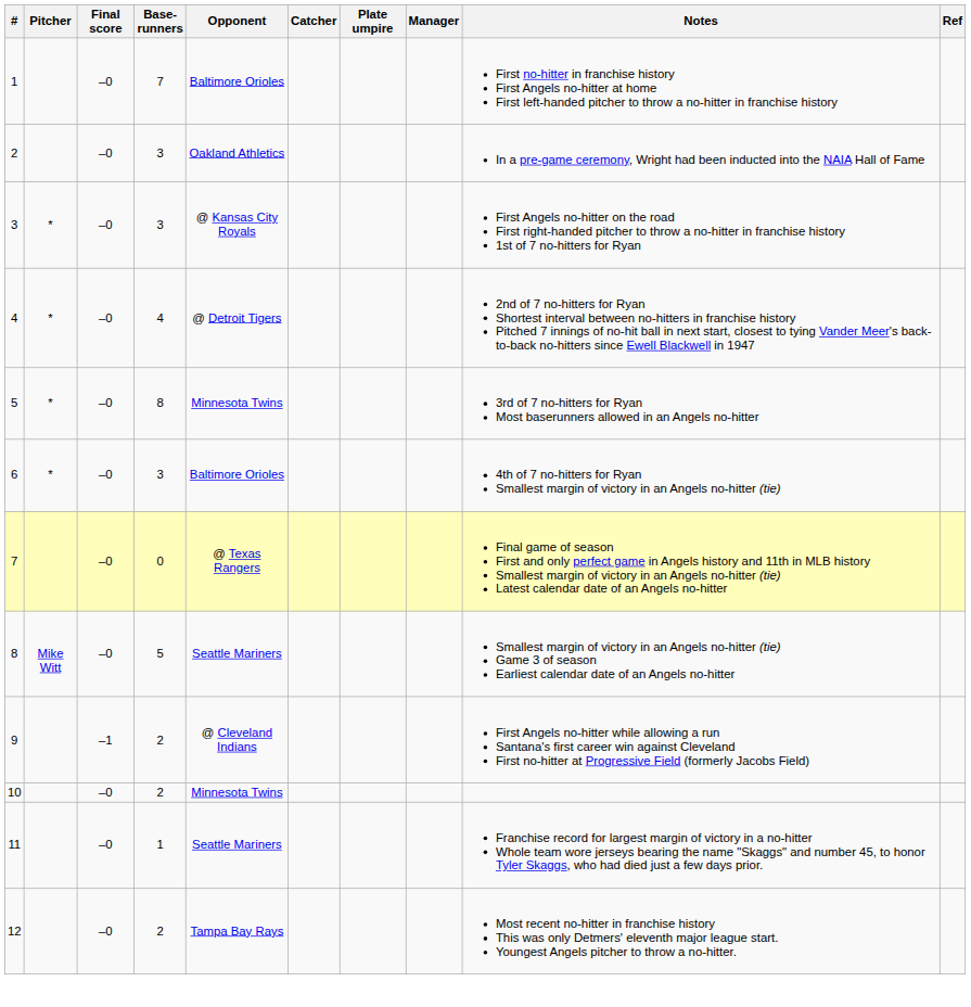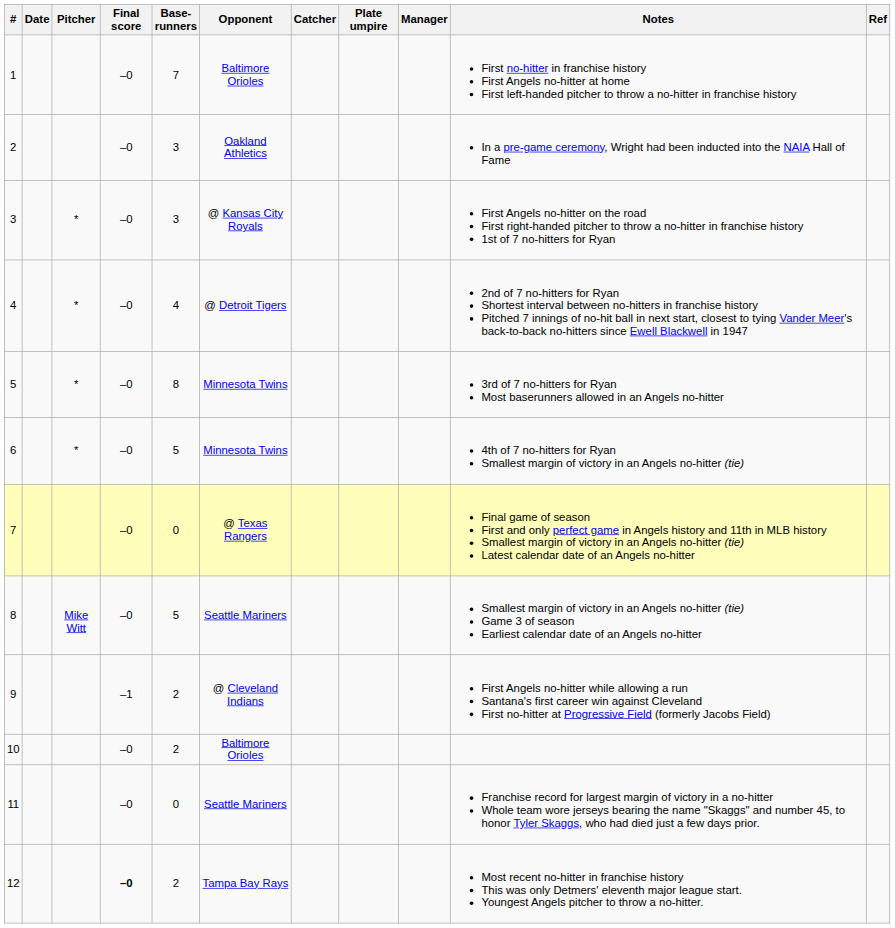 <table class="wikitable sortable" style="text-align:center" border="1">
 <tr>
 <th>#</th>
+<th>Date</th>
 <th>Pitcher</th>
 <th>Final score</th>
 <th>Base-<br>runners</th>
 <th>Opponent</th>
 <th>Catcher</th>
 <th>Plate umpire</th>
 <th>Manager</th>
 <th class="unsortable">Notes</th>
 <th class="unsortable">Ref</th>
 </tr>
 <tr>
 <td>1</td>
 <td></td>
+<td></td>
 <td>–0</td>
 <td>7</td>
 <td><a href='#'>Baltimore Orioles</a></td>
 <td></td>
 <td></td>
 <td></td>
 <td align="left"><br><ul><li>First <a href='#'>no-hitter</a> in franchise history</li><li>First Angels no-hitter at home</li><li>First left-handed pitcher to throw a no-hitter in franchise history</li></ul></td>
 <td></td>
 </tr>
 <tr>
 <td>2</td>
 <td></td>
+<td></td>
 <td>–0</td>
 <td>3</td>
 <td><a href='#'>Oakland Athletics</a></td>
 <td></td>
 <td></td>
 <td></td>
 <td align="left"><br><ul><li>In a <a href='#'>pre-game ceremony</a>, Wright had been inducted into the <a href='#'>NAIA</a> Hall of Fame</li></ul></td>
 <td></td>
 </tr>
 <tr>
 <td>3</td>
+<td></td>
 <td>* </td>
 <td>–0</td>
 <td>3</td>
 <td>@ <a href='#'>Kansas City Royals</a></td>
 <td></td>
 <td></td>
 <td> </td>
 <td align="left"><br><ul><li>First Angels no-hitter on the road</li><li>First right-handed pitcher to throw a no-hitter in franchise history</li><li>1st of 7 no-hitters for Ryan</li></ul></td>
 <td></td>
 </tr>
 <tr>
 <td>4</td>
+<td></td>
 <td>* </td>
 <td>–0</td>
 <td>4</td>
 <td>@ <a href='#'>Detroit Tigers</a></td>
 <td></td>
 <td></td>
 <td> </td>
 <td align="left"><br><ul><li>2nd of 7 no-hitters for Ryan</li><li>Shortest interval between no-hitters in franchise history</li><li>Pitched 7 innings of no-hit ball in next start, closest to tying <a href='#'>Vander Meer</a>'s back-to-back no-hitters since <a href='#'>Ewell Blackwell</a> in 1947</li></ul></td>
 <td></td>
 </tr>
 <tr>
 <td>5</td>
+<td></td>
 <td>* </td>
 <td>–0</td>
 <td>8</td>
 <td><a href='#'>Minnesota Twins</a></td>
 <td></td>
 <td></td>
 <td> </td>
 <td align="left"><br><ul><li>3rd of 7 no-hitters for Ryan</li><li>Most baserunners allowed in an Angels no-hitter</li></ul></td>
 <td></td>
 </tr>
 <tr>
 <td>6</td>
+<td></td>
 <td>* </td>
 <td>–0</td>
-<td>3</td>
-<td><a href='#'>Baltimore Orioles</a></td>
+<td>5</td>
+<td><a href='#'>Minnesota Twins</a></td>
 <td></td>
 <td></td>
 <td> </td>
 <td align="left"><br><ul><li>4th of 7 no-hitters for Ryan</li><li>Smallest margin of victory in an Angels no-hitter <em>(tie)</em></li></ul></td>
 <td></td>
 </tr>
 <tr bgcolor="#ffffbb">
 <td>7</td>
+<td></td>
 <td></td>
 <td>–0</td>
 <td>0</td>
 <td>@ <a href='#'>Texas Rangers</a></td>
 <td></td>
 <td></td>
 <td></td>
 <td align="left"><br><ul><li>Final game of season</li><li>First and only <a href='#'>perfect game</a> in Angels history and 11th in MLB history</li><li>Smallest margin of victory in an Angels no-hitter <em>(tie)</em></li><li>Latest calendar date of an Angels no-hitter</li></ul></td>
 <td></td>
 </tr>
 <tr>
 <td>8</td>
+<td></td>
 <td> <br><a href='#'>Mike Witt</a> </td>
 <td>–0</td>
 <td>5</td>
 <td><a href='#'>Seattle Mariners</a></td>
 <td></td>
 <td></td>
 <td></td>
 <td align="left"><br><ul><li>Smallest margin of victory in an Angels no-hitter <em>(tie)</em></li><li>Game 3 of season</li><li>Earliest calendar date of an Angels no-hitter</li></ul></td>
 <td></td>
 </tr>
 <tr>
 <td>9</td>
 <td></td>
+<td></td>
 <td>–1</td>
 <td>2</td>
 <td>@ <a href='#'>Cleveland Indians</a></td>
 <td></td>
 <td></td>
 <td> </td>
 <td align="left"><br><ul><li>First Angels no-hitter while allowing a run</li><li>Santana's first career win against Cleveland</li><li>First no-hitter at <a href='#'>Progressive Field</a> (formerly Jacobs Field)</li></ul></td>
 <td></td>
 </tr>
 <tr>
 <td>10</td>
 <td></td>
+<td></td>
 <td>–0</td>
 <td>2</td>
-<td><a href='#'>Minnesota Twins</a></td>
+<td><a href='#'>Baltimore Orioles</a></td>
 <td></td>
 <td></td>
 <td> </td>
 <td align="left"></td>
 <td></td>
 </tr>
 <tr>
 <td>11</td>
+<td></td>
 <td> <br> </td>
 <td>–0</td>
-<td>1</td>
+<td>0</td>
 <td><a href='#'>Seattle Mariners</a></td>
 <td></td>
 <td></td>
 <td></td>
 <td align="left"><br><ul><li>Franchise record for largest margin of victory in a no-hitter</li><li>Whole team wore jerseys bearing the name "Skaggs" and number 45, to honor <a href='#'>Tyler Skaggs</a>, who had died just a few days prior.</li></ul></td>
 <td></td>
 </tr>
 <tr>
 <td>12</td>
 <td></td>
-<td>–0</td>
+<td></td>
+<td><strong>–0</strong></td>
 <td>2</td>
 <td><a href='#'>Tampa Bay Rays</a></td>
 <td></td>
 <td></td>
 <td></td>
 <td align="left"><br><ul><li>Most recent no-hitter in franchise history</li><li>This was only Detmers' eleventh major league start.</li><li>Youngest Angels pitcher to throw a no-hitter.</li></ul></td>
 <td></td>
 </tr>
 </table>
